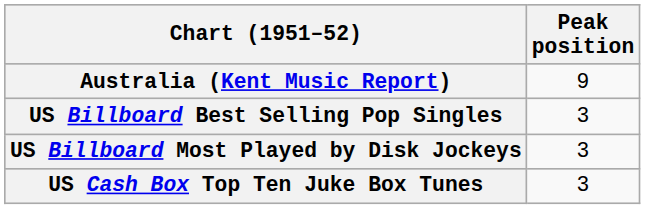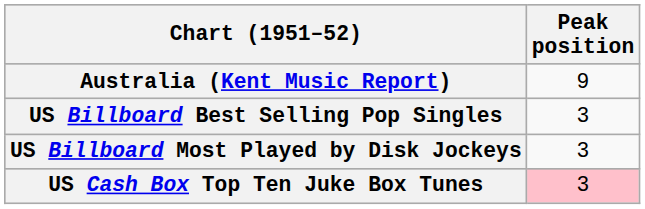 <table class="wikitable sortable plainrowheaders" style="text-align:center">
 <tr>
 <th>Chart (1951–52)</th>
 <th>Peak<br>position</th>
 </tr>
 <tr>
 <th scope="row">Australia (<a href='#'>Kent Music Report</a>)</th>
 <td>9</td>
 </tr>
 <tr>
 <th scope="row">US <em><a href='#'>Billboard</a></em> Best Selling Pop Singles</th>
 <td>3</td>
 </tr>
 <tr>
 <th scope="row">US <em><a href='#'>Billboard</a></em> Most Played by Disk Jockeys</th>
 <td>3</td>
 </tr>
 <tr>
 <th scope="row">US <em><a href='#'>Cash Box</a></em> Top Ten Juke Box Tunes</th>
-<td>3</td>
+<td style="background: pink;">3</td>
 </tr>
 </table>
